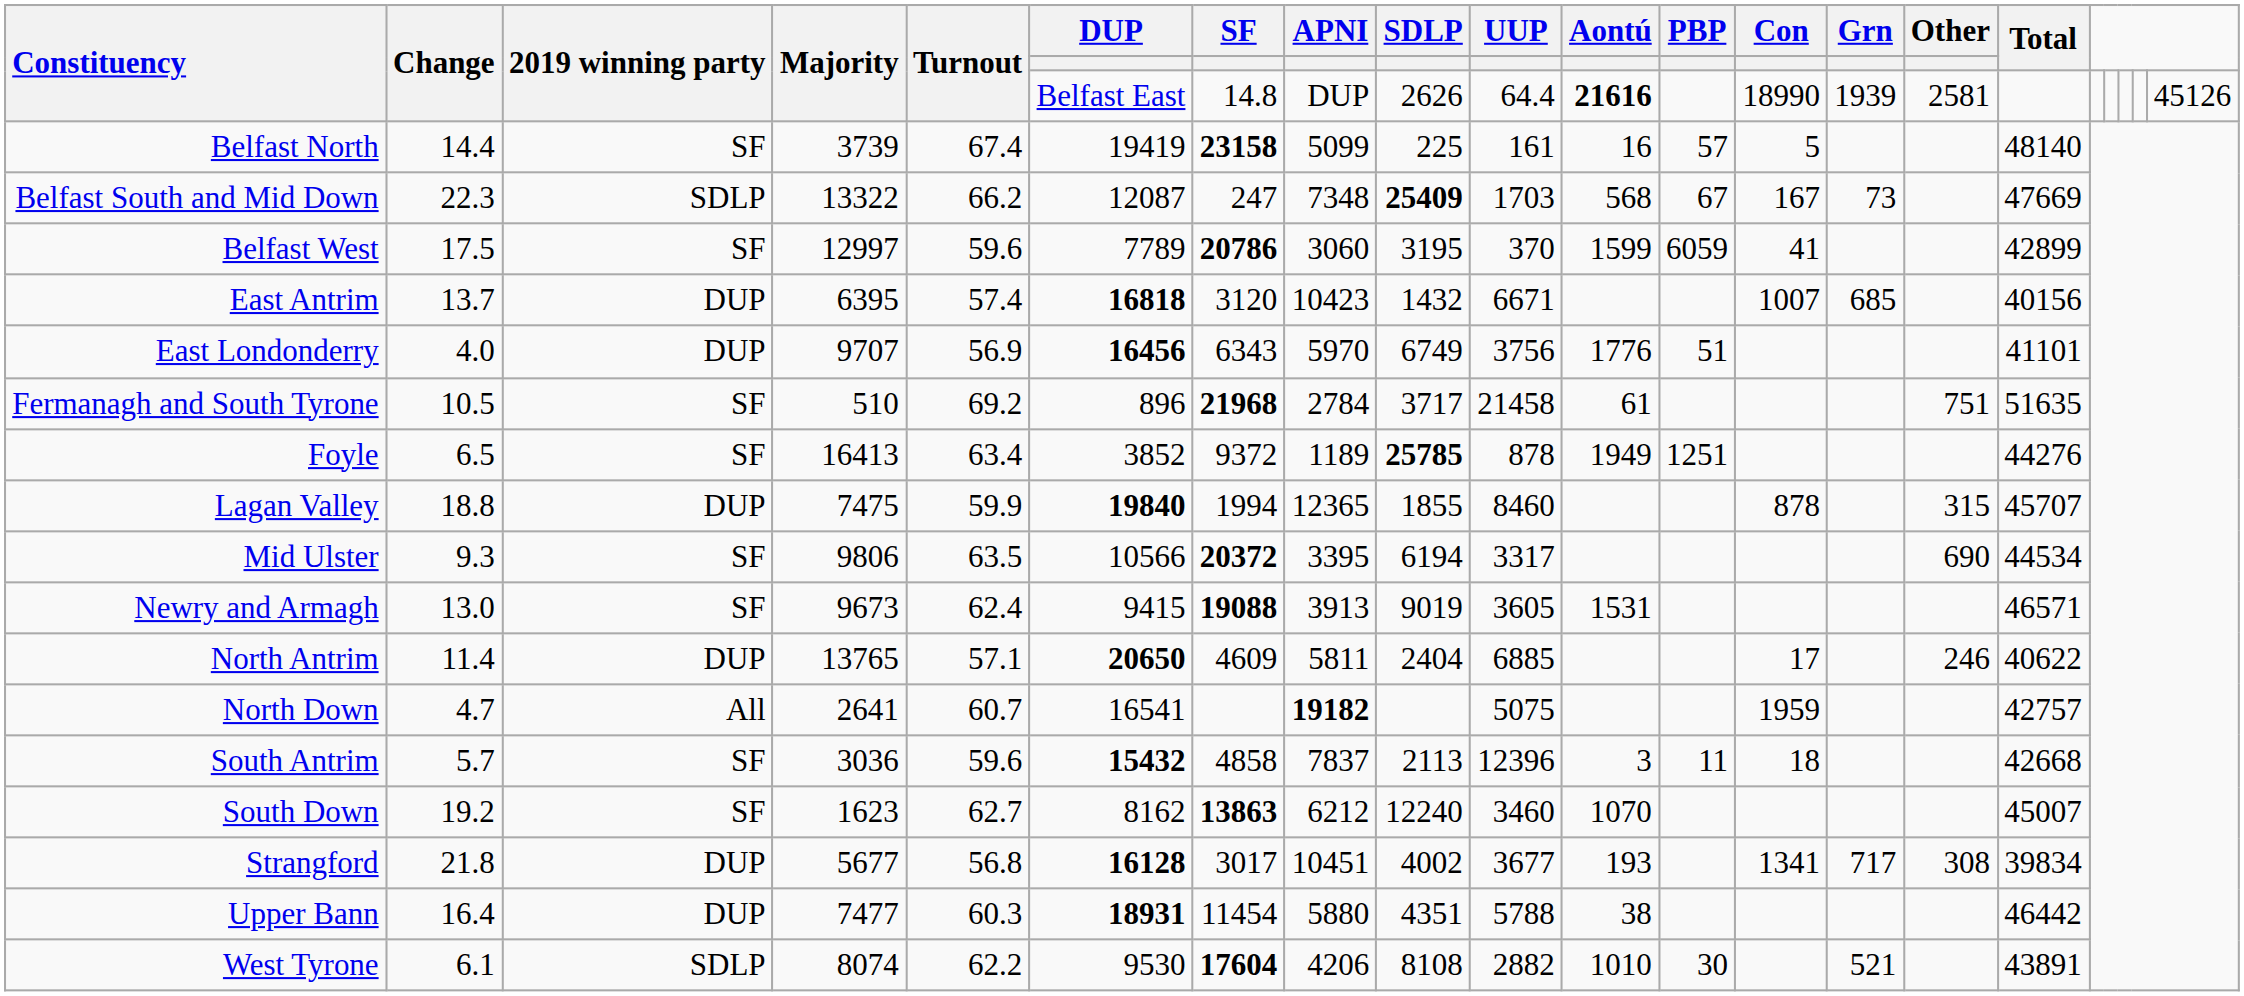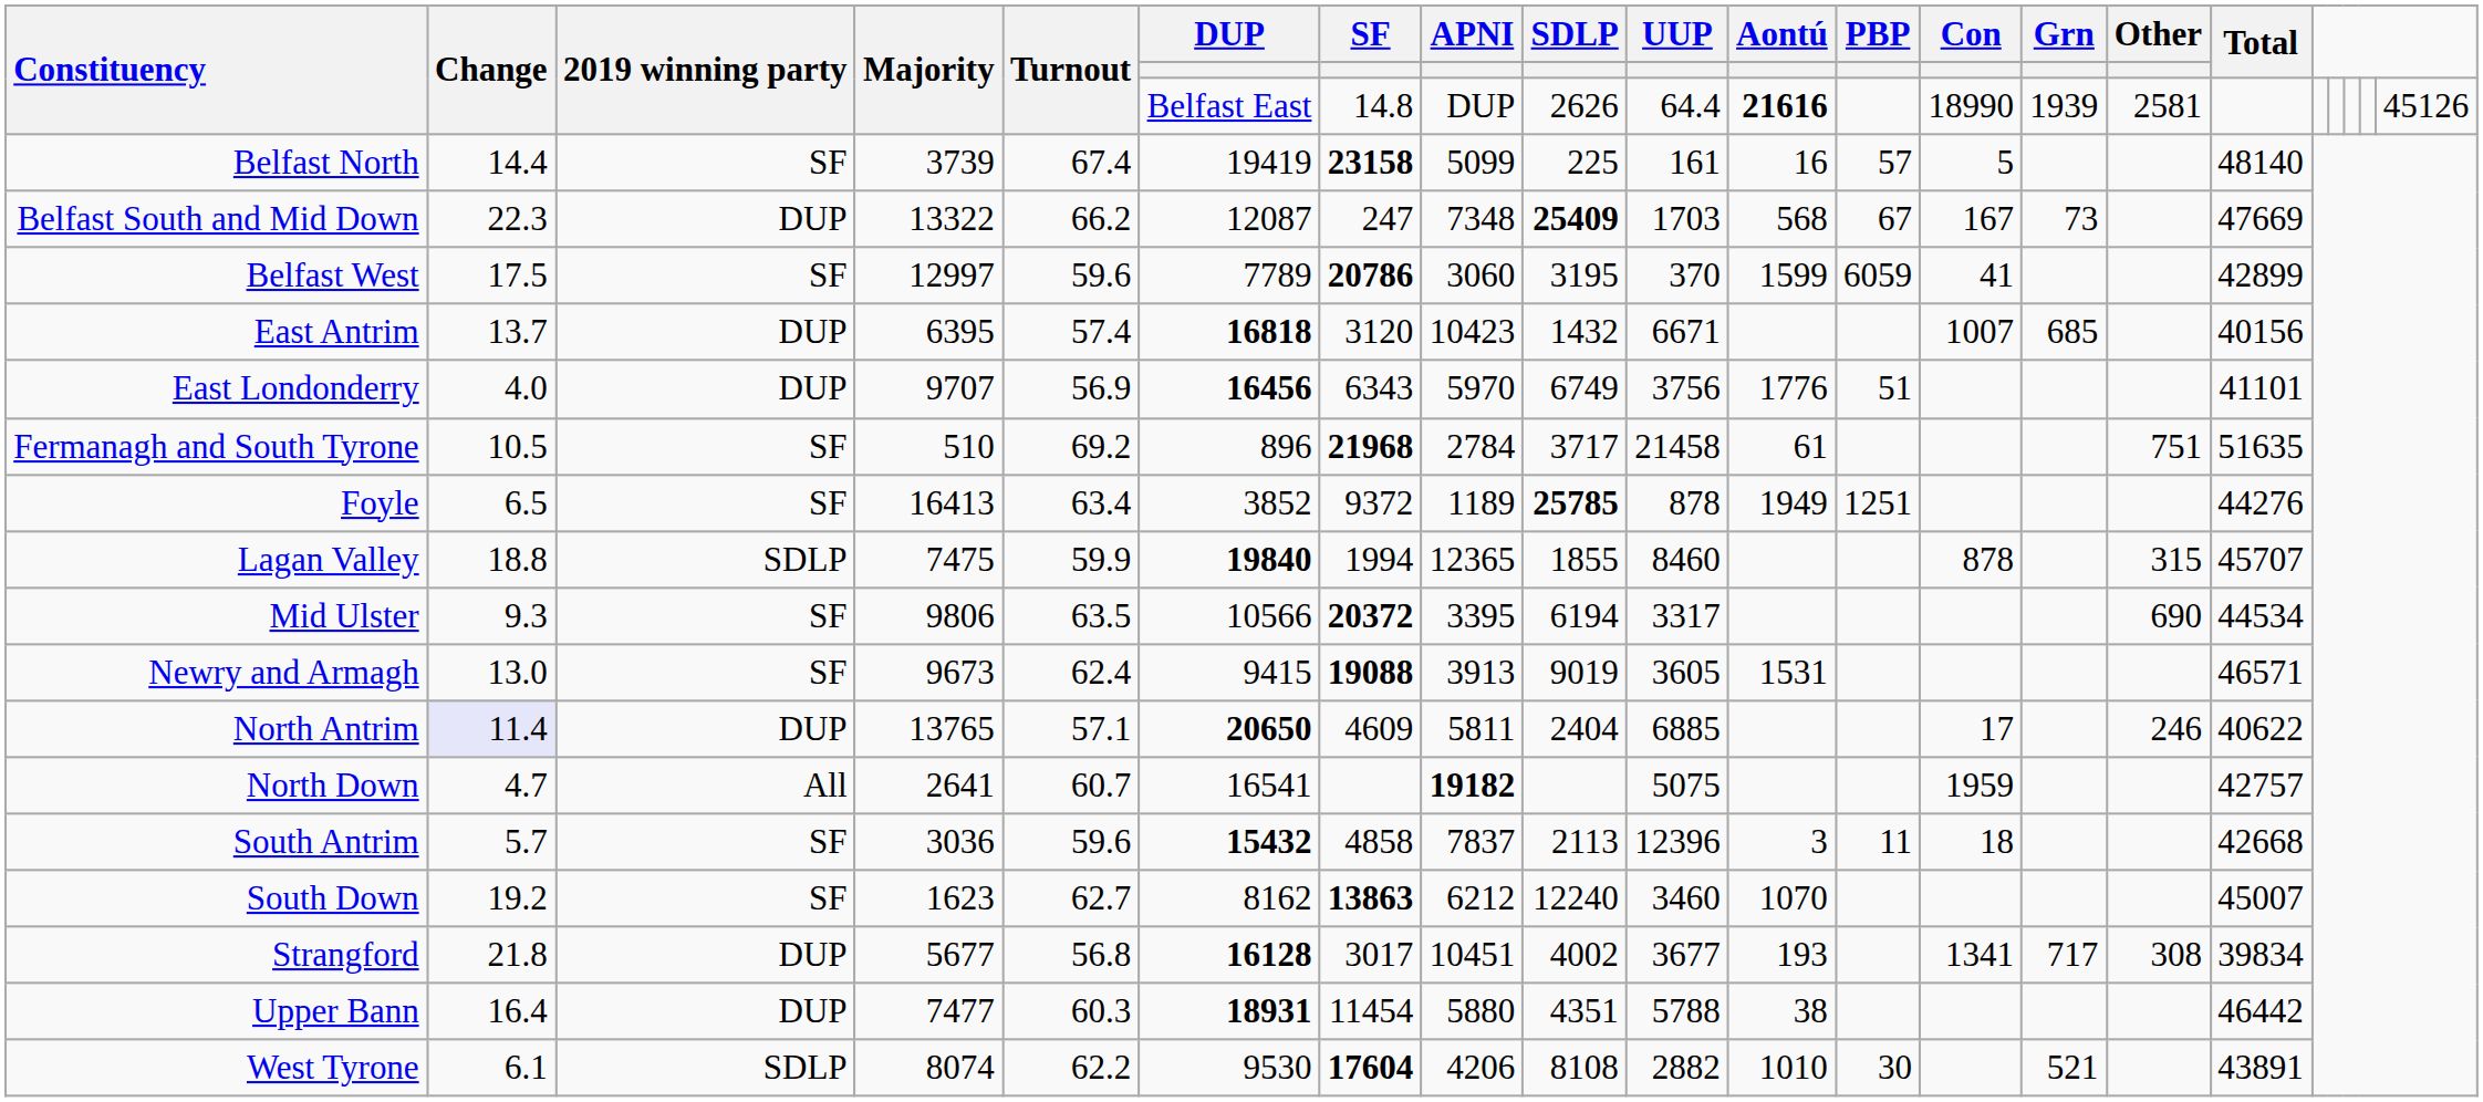 <table class="wikitable mw-collapsible mw-collapsed sortable" style="text-align:right; font-size:95%">
 <tr>
 <th rowspan="3" scope="col" style="text-align:left;"><a href='#'>Constituency</a></th>
 <th rowspan="3" scope="col">Change</th>
 <th rowspan="3" scope="col">2019 winning party</th>
 <th rowspan="3" scope="col">Majority</th>
 <th rowspan="3" scope="col">Turnout</th>
 <th scope="col"><a href='#'>DUP</a></th>
 <th scope="col"><a href='#'>SF</a></th>
 <th scope="col"><a href='#'>APNI</a></th>
 <th scope="col"><a href='#'>SDLP</a></th>
 <th scope="col"><a href='#'>UUP</a></th>
 <th scope="col"><a href='#'>Aontú</a></th>
 <th scope="col"><a href='#'>PBP</a></th>
 <th scope="col"><a href='#'>Con</a></th>
 <th scope="col"><a href='#'>Grn</a></th>
 <th scope="col">Other</th>
 <th rowspan="2" scope="col">Total</th>
 </tr>
 <tr>
 <th scope="col" style="background:"></th>
 <th scope="col" style="background:"></th>
 <th scope="col" style="background:"></th>
 <th scope="col" style="background:"></th>
 <th scope="col" style="background:"></th>
 <th scope="col" style="background:"></th>
 <th scope="col" style="background:"></th>
 <th scope="col" style="background:"></th>
 <th scope="col" style="background:"></th>
 <th></th>
 </tr>
 <tr>
 <td><a href='#'>Belfast East</a></td>
 <td>14.8</td>
 <td>DUP</td>
 <td>2626</td>
 <td>64.4</td>
 <td><strong>21616</strong></td>
 <td></td>
 <td>18990</td>
 <td>1939</td>
 <td>2581</td>
 <td></td>
 <td></td>
 <td></td>
 <td></td>
 <td></td>
 <td>45126</td>
 </tr>
 <tr>
 <td><a href='#'>Belfast North</a></td>
 <td>14.4</td>
 <td>SF</td>
 <td>3739</td>
 <td>67.4</td>
 <td>19419</td>
 <td><strong>23158</strong></td>
 <td>5099</td>
 <td>225</td>
 <td>161</td>
 <td>16</td>
 <td>57</td>
 <td>5</td>
 <td></td>
 <td></td>
 <td>48140</td>
 </tr>
 <tr>
 <td><a href='#'>Belfast South and Mid Down</a></td>
 <td>22.3</td>
-<td>SDLP</td>
+<td>DUP</td>
 <td>13322</td>
 <td>66.2</td>
 <td>12087</td>
 <td>247</td>
 <td>7348</td>
 <td><strong>25409</strong></td>
 <td>1703</td>
 <td>568</td>
 <td>67</td>
 <td>167</td>
 <td>73</td>
 <td></td>
 <td>47669</td>
 </tr>
 <tr>
 <td><a href='#'>Belfast West</a></td>
 <td>17.5</td>
 <td>SF</td>
 <td>12997</td>
 <td>59.6</td>
 <td>7789</td>
 <td><strong>20786</strong></td>
 <td>3060</td>
 <td>3195</td>
 <td>370</td>
 <td>1599</td>
 <td>6059</td>
 <td>41</td>
 <td></td>
 <td></td>
 <td>42899</td>
 </tr>
 <tr>
 <td><a href='#'>East Antrim</a></td>
 <td>13.7</td>
 <td>DUP</td>
 <td>6395</td>
 <td>57.4</td>
 <td><strong>16818</strong></td>
 <td>3120</td>
 <td>10423</td>
 <td>1432</td>
 <td>6671</td>
 <td></td>
 <td></td>
 <td>1007</td>
 <td>685</td>
 <td></td>
 <td>40156</td>
 </tr>
 <tr>
 <td><a href='#'>East Londonderry</a></td>
 <td>4.0</td>
 <td>DUP</td>
 <td>9707</td>
 <td>56.9</td>
 <td><strong>16456</strong></td>
 <td>6343</td>
 <td>5970</td>
 <td>6749</td>
 <td>3756</td>
 <td>1776</td>
 <td>51</td>
 <td></td>
 <td></td>
 <td></td>
 <td>41101</td>
 </tr>
 <tr>
 <td><a href='#'>Fermanagh and South Tyrone</a></td>
 <td>10.5</td>
 <td>SF</td>
 <td>510</td>
 <td>69.2</td>
 <td>896</td>
 <td><strong>21968</strong></td>
 <td>2784</td>
 <td>3717</td>
 <td>21458</td>
 <td>61</td>
 <td></td>
 <td></td>
 <td></td>
 <td>751</td>
 <td>51635</td>
 </tr>
 <tr>
 <td><a href='#'>Foyle</a></td>
 <td>6.5</td>
 <td>SF</td>
 <td>16413</td>
 <td>63.4</td>
 <td>3852</td>
 <td>9372</td>
 <td>1189</td>
 <td><strong>25785</strong></td>
 <td>878</td>
 <td>1949</td>
 <td>1251</td>
 <td></td>
 <td></td>
 <td></td>
 <td>44276</td>
 </tr>
 <tr>
 <td><a href='#'>Lagan Valley</a></td>
 <td>18.8</td>
-<td>DUP</td>
+<td>SDLP</td>
 <td>7475</td>
 <td>59.9</td>
 <td><strong>19840</strong></td>
 <td>1994</td>
 <td>12365</td>
 <td>1855</td>
 <td>8460</td>
 <td></td>
 <td></td>
 <td>878</td>
 <td></td>
 <td>315</td>
 <td>45707</td>
 </tr>
 <tr>
 <td><a href='#'>Mid Ulster</a></td>
 <td>9.3</td>
 <td>SF</td>
 <td>9806</td>
 <td>63.5</td>
 <td>10566</td>
 <td><strong>20372</strong></td>
 <td>3395</td>
 <td>6194</td>
 <td>3317</td>
 <td></td>
 <td></td>
 <td></td>
 <td></td>
 <td>690</td>
 <td>44534</td>
 </tr>
 <tr>
 <td><a href='#'>Newry and Armagh</a></td>
 <td>13.0</td>
 <td>SF</td>
 <td>9673</td>
 <td>62.4</td>
 <td>9415</td>
 <td><strong>19088</strong></td>
 <td>3913</td>
 <td>9019</td>
 <td>3605</td>
 <td>1531</td>
 <td></td>
 <td></td>
 <td></td>
 <td></td>
 <td>46571</td>
 </tr>
 <tr>
 <td><a href='#'>North Antrim</a></td>
-<td>11.4</td>
+<td style="background: lavender;">11.4</td>
 <td>DUP</td>
 <td>13765</td>
 <td>57.1</td>
 <td><strong>20650</strong></td>
 <td>4609</td>
 <td>5811</td>
 <td>2404</td>
 <td>6885</td>
 <td></td>
 <td></td>
 <td>17</td>
 <td></td>
 <td>246</td>
 <td>40622</td>
 </tr>
 <tr>
 <td><a href='#'>North Down</a></td>
 <td>4.7</td>
 <td>All</td>
 <td>2641</td>
 <td>60.7</td>
 <td>16541</td>
 <td></td>
 <td><strong>19182</strong></td>
 <td></td>
 <td>5075</td>
 <td></td>
 <td></td>
 <td>1959</td>
 <td></td>
 <td></td>
 <td>42757</td>
 </tr>
 <tr>
 <td><a href='#'>South Antrim</a></td>
 <td>5.7</td>
 <td>SF</td>
 <td>3036</td>
 <td>59.6</td>
 <td><strong>15432</strong></td>
 <td>4858</td>
 <td>7837</td>
 <td>2113</td>
 <td>12396</td>
 <td>3</td>
 <td>11</td>
 <td>18</td>
 <td></td>
 <td></td>
 <td>42668</td>
 </tr>
 <tr>
 <td><a href='#'>South Down</a></td>
 <td>19.2</td>
 <td>SF</td>
 <td>1623</td>
 <td>62.7</td>
 <td>8162</td>
 <td><strong>13863</strong></td>
 <td>6212</td>
 <td>12240</td>
 <td>3460</td>
 <td>1070</td>
 <td></td>
 <td></td>
 <td></td>
 <td></td>
 <td>45007</td>
 </tr>
 <tr>
 <td><a href='#'>Strangford</a></td>
 <td>21.8</td>
 <td>DUP</td>
 <td>5677</td>
 <td>56.8</td>
 <td><strong>16128</strong></td>
 <td>3017</td>
 <td>10451</td>
 <td>4002</td>
 <td>3677</td>
 <td>193</td>
 <td></td>
 <td>1341</td>
 <td>717</td>
 <td>308</td>
 <td>39834</td>
 </tr>
 <tr>
 <td><a href='#'>Upper Bann</a></td>
 <td>16.4</td>
 <td>DUP</td>
 <td>7477</td>
 <td>60.3</td>
 <td><strong>18931</strong></td>
 <td>11454</td>
 <td>5880</td>
 <td>4351</td>
 <td>5788</td>
 <td>38</td>
 <td></td>
 <td></td>
 <td></td>
 <td></td>
 <td>46442</td>
 </tr>
 <tr>
 <td><a href='#'>West Tyrone</a></td>
 <td>6.1</td>
 <td>SDLP</td>
 <td>8074</td>
 <td>62.2</td>
 <td>9530</td>
 <td><strong>17604</strong></td>
 <td>4206</td>
 <td>8108</td>
 <td>2882</td>
 <td>1010</td>
 <td>30</td>
 <td></td>
 <td>521</td>
 <td></td>
 <td>43891</td>
 </tr>
 </table>
